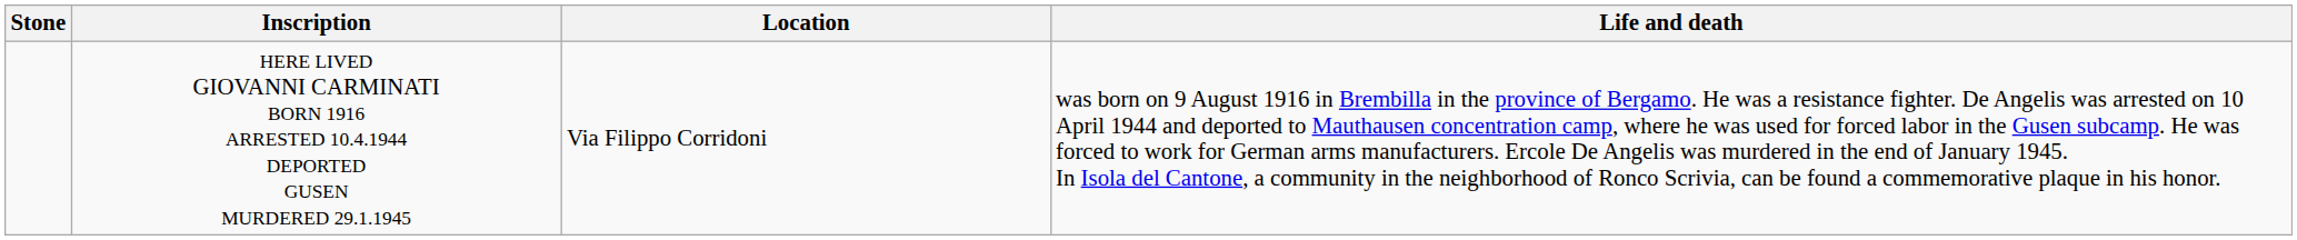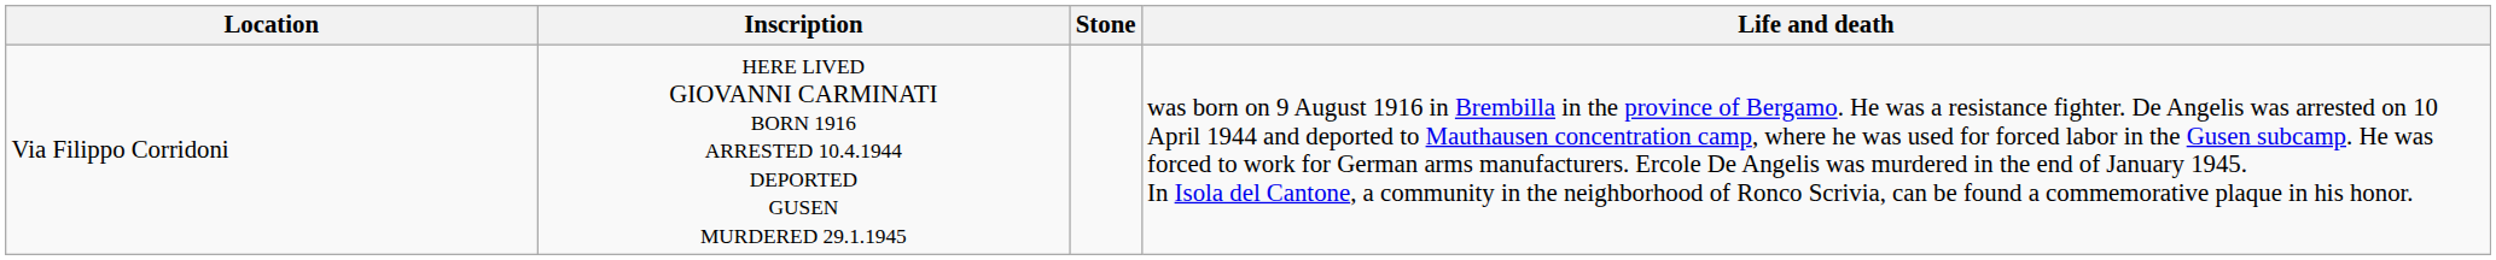 <table class="wikitable sortable toptextcells" style="width:100%">
 <tr>
+<th class="hintergrundfarbe6" data-sort-type="text" style ="width:22%;">Location</th>
+<th class="hintergrundfarbe6 unsortable" style ="width:22%;">Inscription</th>
 <th class="hintergrundfarbe6 unsortable" width="120px">Stone</th>
-<th class="hintergrundfarbe6 unsortable" style ="width:22%;">Inscription</th>
-<th class="hintergrundfarbe6" data-sort-type="text" style ="width:22%;">Location</th>
 <th class="hintergrundfarbe6" style="width:100%;">Life and death</th>
 </tr>
 <tr>
+<td>Via Filippo Corridoni</td>
+<td style="text-align:center"><div><small>HERE LIVED</small><br>GIOVANNI CARMINATI<br><small>BORN 1916<br>ARRESTED 10.4.1944<br>DEPORTED<br>GUSEN<br>MURDERED 29.1.1945</small></div></td>
 <td></td>
-<td style="text-align:center"><div><small>HERE LIVED</small><br>GIOVANNI CARMINATI<br><small>BORN 1916<br>ARRESTED 10.4.1944<br>DEPORTED<br>GUSEN<br>MURDERED 29.1.1945</small></div></td>
-<td>Via Filippo Corridoni</td>
 <td><strong></strong> was born on 9 August 1916 in <a href='#'>Brembilla</a> in the <a href='#'>province of Bergamo</a>. He was a resistance fighter. De Angelis was arrested on 10 April 1944 and deported to <a href='#'>Mauthausen concentration camp</a>, where he was used for forced labor in the <a href='#'>Gusen subcamp</a>. He was forced to work for German arms manufacturers. Ercole De Angelis was murdered in the end of January 1945.<br>In <a href='#'>Isola del Cantone</a>, a community in the neighborhood of Ronco Scrivia, can be found a commemorative plaque in his honor.</td>
 </tr>
 </table>
